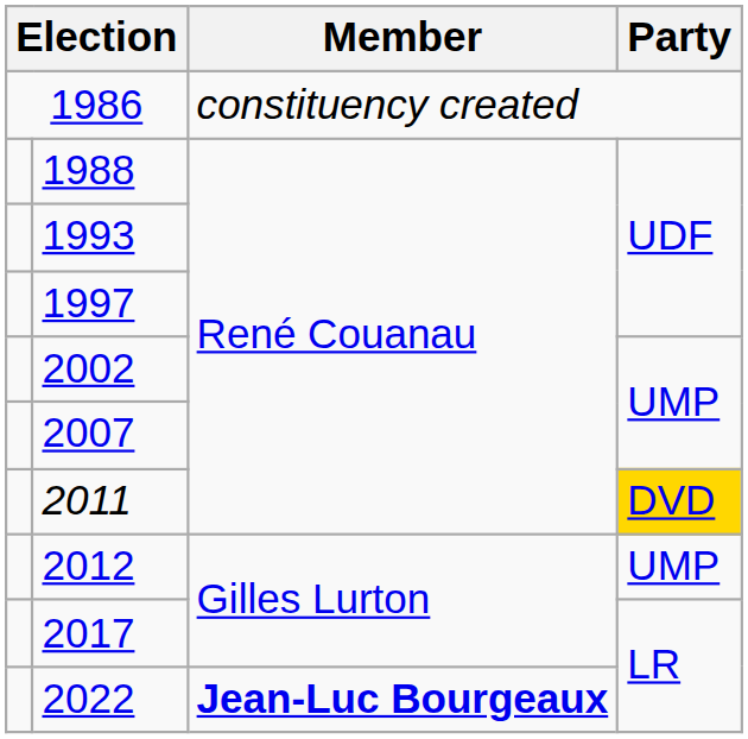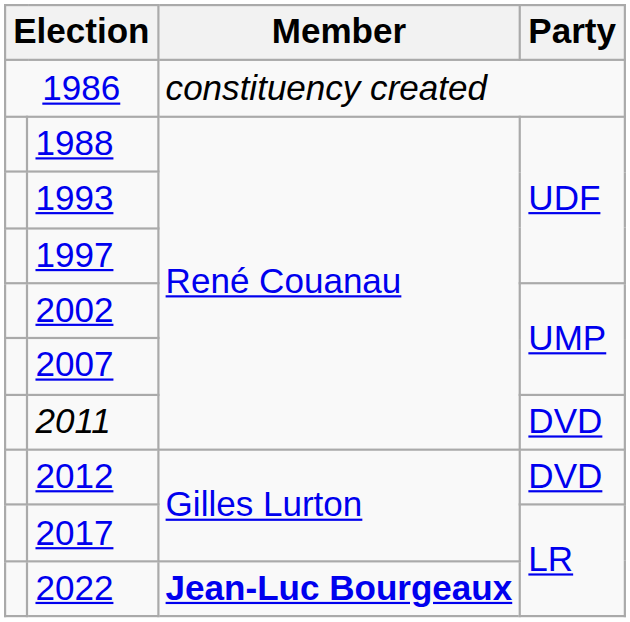 <table class="wikitable">
 <tr>
 <th colspan="2">Election</th>
 <th>Member</th>
 <th>Party</th>
 </tr>
 <tr>
 <td colspan="2" align="center"><a href='#'>1986</a></td>
 <td colspan="2"><em>constituency created</em></td>
 </tr>
 <tr>
 <td style="color:inherit;background-color: "></td>
 <td><a href='#'>1988</a></td>
 <td rowspan="6"><a href='#'>René Couanau</a></td>
 <td rowspan="3"><a href='#'>UDF</a></td>
 </tr>
 <tr>
 <td style="color:inherit;background-color: "></td>
 <td><a href='#'>1993</a></td>
 </tr>
 <tr>
 <td style="color:inherit;background-color: "></td>
 <td><a href='#'>1997</a></td>
 </tr>
 <tr>
 <td style="color:inherit;background-color: "></td>
 <td><a href='#'>2002</a></td>
 <td rowspan="2"><a href='#'>UMP</a></td>
 </tr>
 <tr>
 <td style="color:inherit;background-color: "></td>
 <td><a href='#'>2007</a></td>
 </tr>
 <tr>
 <td style="color:inherit;background-color: "></td>
 <td><em>2011</em></td>
-<td style="background: gold;"><a href='#'>DVD</a></td>
+<td><a href='#'>DVD</a></td>
 </tr>
 <tr>
 <td style="color:inherit;background-color: "></td>
 <td><a href='#'>2012</a></td>
 <td rowspan="2"><a href='#'>Gilles Lurton</a></td>
-<td><a href='#'>UMP</a></td>
+<td><a href='#'>DVD</a></td>
 </tr>
 <tr>
 <td style="color:inherit;background-color: "></td>
 <td><a href='#'>2017</a></td>
 <td rowspan="2"><a href='#'>LR</a></td>
 </tr>
 <tr>
 <td style="color:inherit;background-color: "></td>
 <td><a href='#'>2022</a></td>
 <td><strong><a href='#'>Jean-Luc Bourgeaux</a></strong></td>
 </tr>
 </table>
